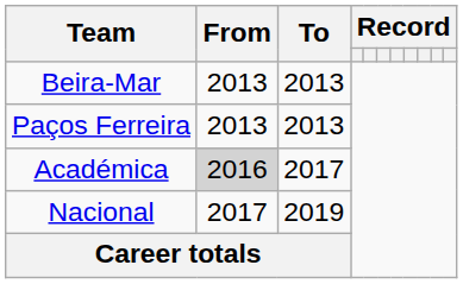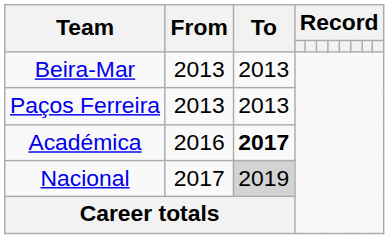 <table class="wikitable" style="text-align: center">
 <tr>
 <th rowspan=2>Team</th>
 <th rowspan=2>From</th>
 <th rowspan=2>To</th>
 <th colspan=8>Record</th>
 </tr>
 <tr>
 <th></th>
 <th></th>
 <th></th>
 <th></th>
 <th></th>
 <th></th>
 <th></th>
 <th></th>
 </tr>
 <tr>
 <td><a href='#'>Beira-Mar</a></td>
 <td>2013</td>
 <td>2013<br></td>
 </tr>
 <tr>
 <td><a href='#'>Paços Ferreira</a></td>
 <td>2013</td>
 <td>2013<br></td>
 </tr>
 <tr>
 <td><a href='#'>Académica</a></td>
-<td style="background: lightgrey;">2016</td>
-<td>2017<br></td>
+<td>2016</td>
+<td><strong>2017<br></strong></td>
 </tr>
 <tr>
 <td><a href='#'>Nacional</a></td>
 <td>2017</td>
-<td>2019<br></td>
+<td style="background: lightgrey;">2019<br></td>
 </tr>
 <tr>
 <th colspan=3>Career totals<br></th>
 </tr>
 </table>
